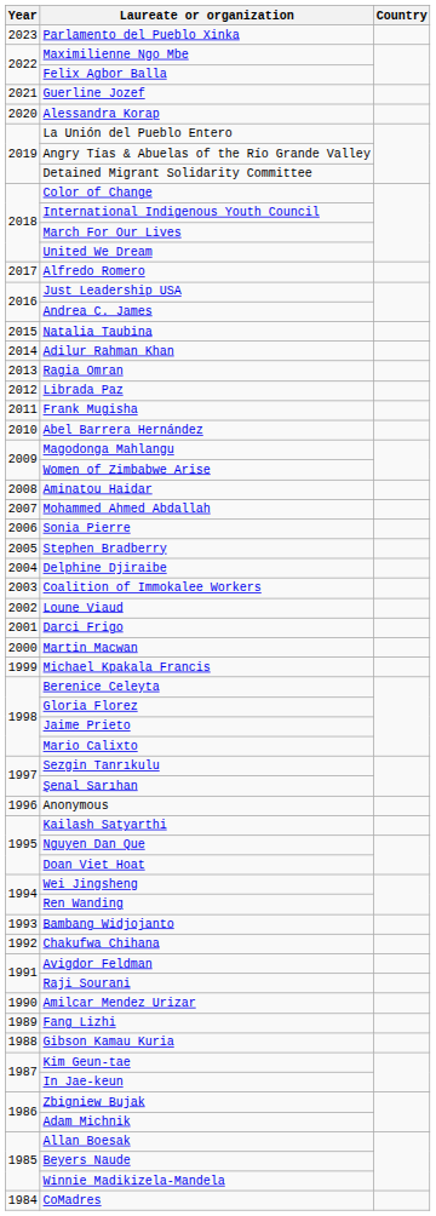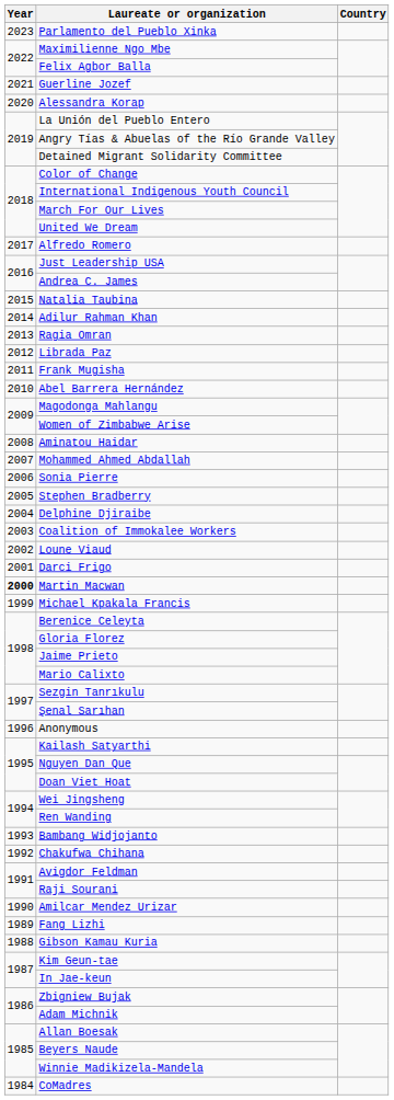 <table class="wikitable sortable">
 <tr>
 <th>Year</th>
 <th>Laureate or organization</th>
 <th>Country</th>
 </tr>
 <tr>
 <td>2023</td>
 <td><a href='#'>Parlamento del Pueblo Xinka</a></td>
 <td></td>
 </tr>
 <tr>
 <td rowspan="2">2022</td>
 <td><a href='#'>Maximilienne Ngo Mbe</a></td>
 <td rowspan="2"></td>
 </tr>
 <tr>
 <td><a href='#'>Felix Agbor Balla</a></td>
 </tr>
 <tr>
 <td>2021</td>
 <td><a href='#'>Guerline Jozef</a></td>
 <td></td>
 </tr>
 <tr>
 <td>2020</td>
 <td><a href='#'>Alessandra Korap</a></td>
 <td></td>
 </tr>
 <tr>
 <td rowspan="3">2019</td>
 <td>La Unión del Pueblo Entero</td>
 <td rowspan="3"></td>
 </tr>
 <tr>
 <td>Angry Tías & Abuelas of the Río Grande Valley</td>
 </tr>
 <tr>
 <td>Detained Migrant Solidarity Committee</td>
 </tr>
 <tr>
 <td rowspan=4>2018</td>
 <td><a href='#'>Color of Change</a></td>
 <td rowspan=4></td>
 </tr>
 <tr>
 <td><a href='#'>International Indigenous Youth Council</a></td>
 </tr>
 <tr>
 <td><a href='#'>March For Our Lives</a></td>
 </tr>
 <tr>
 <td><a href='#'>United We Dream</a></td>
 </tr>
 <tr>
 <td>2017</td>
 <td><a href='#'>Alfredo Romero</a></td>
 <td></td>
 </tr>
 <tr>
 <td rowspan=2>2016</td>
 <td><a href='#'>Just Leadership USA</a></td>
 <td rowspan=2></td>
 </tr>
 <tr>
 <td><a href='#'>Andrea C. James</a></td>
 </tr>
 <tr>
 <td>2015</td>
 <td><a href='#'>Natalia Taubina</a></td>
 <td></td>
 </tr>
 <tr>
 <td>2014</td>
 <td><a href='#'>Adilur Rahman Khan</a></td>
 <td></td>
 </tr>
 <tr>
 <td>2013</td>
 <td><a href='#'>Ragia Omran</a></td>
 <td></td>
 </tr>
 <tr>
 <td>2012</td>
 <td><a href='#'>Librada Paz</a></td>
 <td></td>
 </tr>
 <tr>
 <td>2011</td>
 <td><a href='#'>Frank Mugisha</a></td>
 <td></td>
 </tr>
 <tr>
 <td>2010</td>
 <td><a href='#'>Abel Barrera Hernández</a></td>
 <td></td>
 </tr>
 <tr>
 <td rowspan=2>2009</td>
 <td><a href='#'>Magodonga Mahlangu</a></td>
 <td rowspan=2></td>
 </tr>
 <tr>
 <td><a href='#'>Women of Zimbabwe Arise</a></td>
 </tr>
 <tr>
 <td>2008</td>
 <td><a href='#'>Aminatou Haidar</a></td>
 <td></td>
 </tr>
 <tr>
 <td>2007</td>
 <td><a href='#'>Mohammed Ahmed Abdallah</a></td>
 <td></td>
 </tr>
 <tr>
 <td>2006</td>
 <td><a href='#'>Sonia Pierre</a></td>
 <td></td>
 </tr>
 <tr>
 <td>2005</td>
 <td><a href='#'>Stephen Bradberry</a></td>
 <td></td>
 </tr>
 <tr>
 <td>2004</td>
 <td><a href='#'>Delphine Djiraibe</a></td>
 <td></td>
 </tr>
 <tr>
 <td>2003</td>
 <td><a href='#'>Coalition of Immokalee Workers</a></td>
 <td></td>
 </tr>
 <tr>
 <td>2002</td>
 <td><a href='#'>Loune Viaud</a></td>
 <td></td>
 </tr>
 <tr>
 <td>2001</td>
 <td><a href='#'>Darci Frigo</a></td>
 <td></td>
 </tr>
 <tr>
-<td>2000</td>
+<td><strong>2000</strong></td>
 <td><a href='#'>Martin Macwan</a></td>
 <td></td>
 </tr>
 <tr>
 <td>1999</td>
 <td><a href='#'>Michael Kpakala Francis</a></td>
 <td></td>
 </tr>
 <tr>
 <td rowspan=4>1998</td>
 <td><a href='#'>Berenice Celeyta</a></td>
 <td rowspan=4></td>
 </tr>
 <tr>
 <td><a href='#'>Gloria Florez</a></td>
 </tr>
 <tr>
 <td><a href='#'>Jaime Prieto</a></td>
 </tr>
 <tr>
 <td><a href='#'>Mario Calixto</a></td>
 </tr>
 <tr>
 <td rowspan=2>1997</td>
 <td><a href='#'>Sezgin Tanrıkulu</a></td>
 <td rowspan=2></td>
 </tr>
 <tr>
 <td><a href='#'>Şenal Sarıhan</a></td>
 </tr>
 <tr>
 <td>1996</td>
 <td>Anonymous</td>
 <td></td>
 </tr>
 <tr>
 <td rowspan=3>1995</td>
 <td><a href='#'>Kailash Satyarthi</a></td>
 <td></td>
 </tr>
 <tr>
 <td><a href='#'>Nguyen Dan Que</a></td>
 <td rowspan="2"></td>
 </tr>
 <tr>
 <td><a href='#'>Doan Viet Hoat</a></td>
 </tr>
 <tr>
 <td rowspan=2>1994</td>
 <td><a href='#'>Wei Jingsheng</a></td>
 <td rowspan=2></td>
 </tr>
 <tr>
 <td><a href='#'>Ren Wanding</a></td>
 </tr>
 <tr>
 <td>1993</td>
 <td><a href='#'>Bambang Widjojanto</a></td>
 <td></td>
 </tr>
 <tr>
 <td>1992</td>
 <td><a href='#'>Chakufwa Chihana</a></td>
 <td></td>
 </tr>
 <tr>
 <td rowspan=2>1991</td>
 <td><a href='#'>Avigdor Feldman</a></td>
 <td></td>
 </tr>
 <tr>
 <td><a href='#'>Raji Sourani</a></td>
 <td></td>
 </tr>
 <tr>
 <td>1990</td>
 <td><a href='#'>Amilcar Mendez Urizar</a></td>
 <td></td>
 </tr>
 <tr>
 <td>1989</td>
 <td><a href='#'>Fang Lizhi</a></td>
 <td></td>
 </tr>
 <tr>
 <td>1988</td>
 <td><a href='#'>Gibson Kamau Kuria</a></td>
 <td></td>
 </tr>
 <tr>
 <td rowspan=2>1987</td>
 <td><a href='#'>Kim Geun-tae</a></td>
 <td rowspan=2></td>
 </tr>
 <tr>
 <td><a href='#'>In Jae-keun</a></td>
 </tr>
 <tr>
 <td rowspan=2>1986</td>
 <td><a href='#'>Zbigniew Bujak</a></td>
 <td rowspan=2></td>
 </tr>
 <tr>
 <td><a href='#'>Adam Michnik</a></td>
 </tr>
 <tr>
 <td rowspan=3>1985</td>
 <td><a href='#'>Allan Boesak</a></td>
 <td rowspan=3></td>
 </tr>
 <tr>
 <td><a href='#'>Beyers Naude</a></td>
 </tr>
 <tr>
 <td><a href='#'>Winnie Madikizela-Mandela</a></td>
 </tr>
 <tr>
 <td>1984</td>
 <td><a href='#'>CoMadres</a></td>
 <td></td>
 </tr>
 </table>
